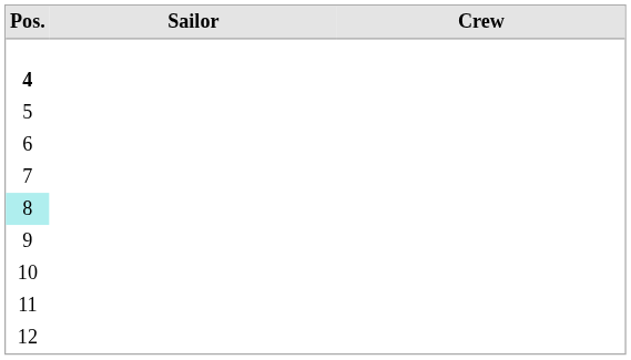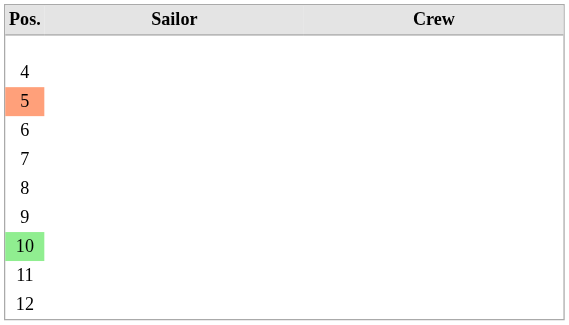 <table cellspacing="0" cellpadding="3" style="border:1px solid #AAAAAA;font-size:90%">
 <tr bgcolor="#E4E4E4">
 <th style="border-bottom:1px solid #AAAAAA" width=10>Pos.</th>
 <th style="border-bottom:1px solid #AAAAAA" width=200>Sailor</th>
 <th style="border-bottom:1px solid #AAAAAA" width=200>Crew</th>
 </tr>
 <tr>
 <td align="center"></td>
 <td></td>
 <td></td>
 </tr>
 <tr>
 <td align="center"></td>
 <td></td>
 <td></td>
 </tr>
 <tr>
 <td align="center"></td>
 <td></td>
 <td></td>
 </tr>
 <tr>
-<td align="center"><strong>4</strong></td>
+<td align="center">4</td>
 <td></td>
 <td></td>
 </tr>
 <tr>
-<td align="center">5</td>
+<td align="center" style="background: lightsalmon;">5</td>
 <td></td>
 <td></td>
 </tr>
 <tr>
 <td align="center">6</td>
 <td></td>
 <td></td>
 </tr>
 <tr>
 <td align="center">7</td>
 <td></td>
 <td></td>
 </tr>
 <tr>
-<td align="center" style="background: paleturquoise;">8</td>
+<td align="center">8</td>
 <td></td>
 <td></td>
 </tr>
 <tr>
 <td align="center">9</td>
 <td></td>
 <td></td>
 </tr>
 <tr>
-<td align="center">10</td>
+<td align="center" style="background: lightgreen;">10</td>
 <td></td>
 <td></td>
 </tr>
 <tr>
 <td align="center">11</td>
 <td></td>
 <td></td>
 </tr>
 <tr>
 <td align="center">12</td>
 <td></td>
 <td></td>
 </tr>
 <tr>
 </tr>
 </table>
